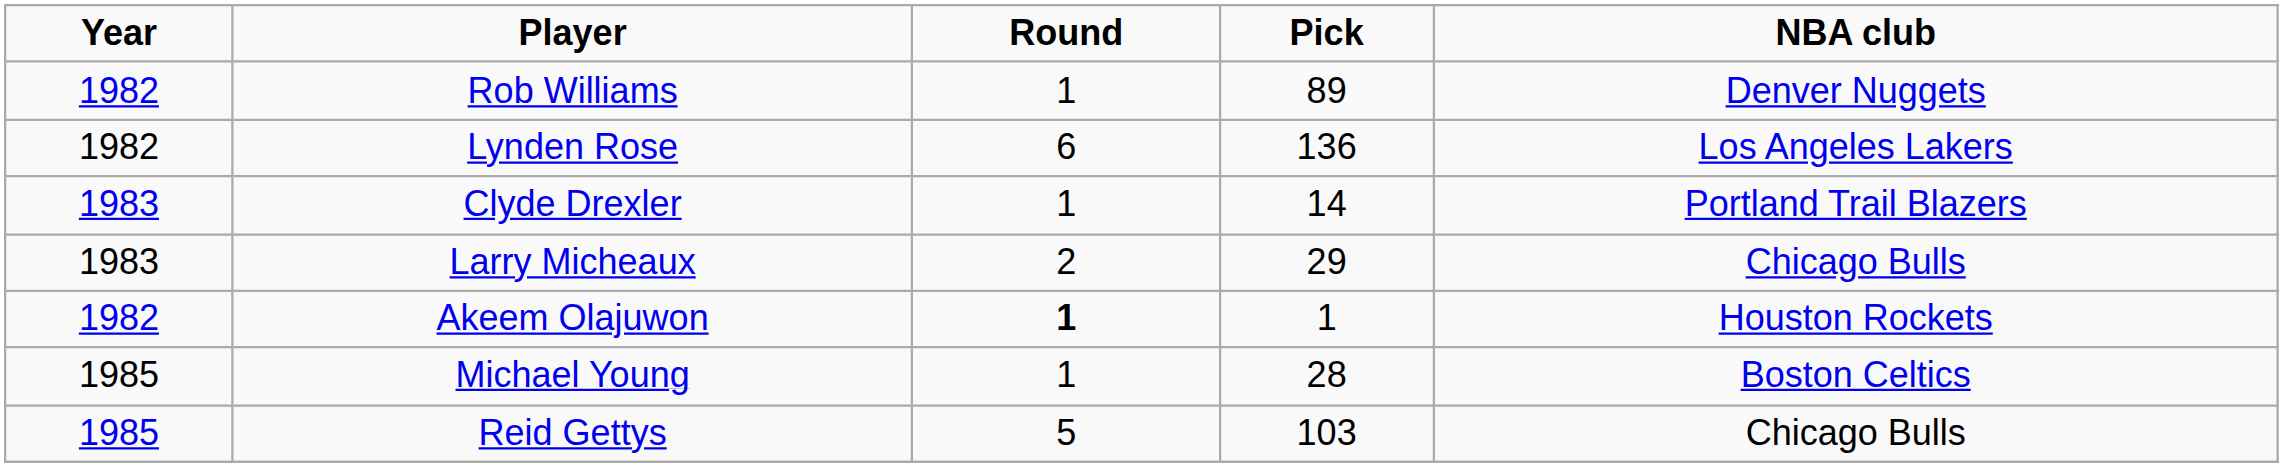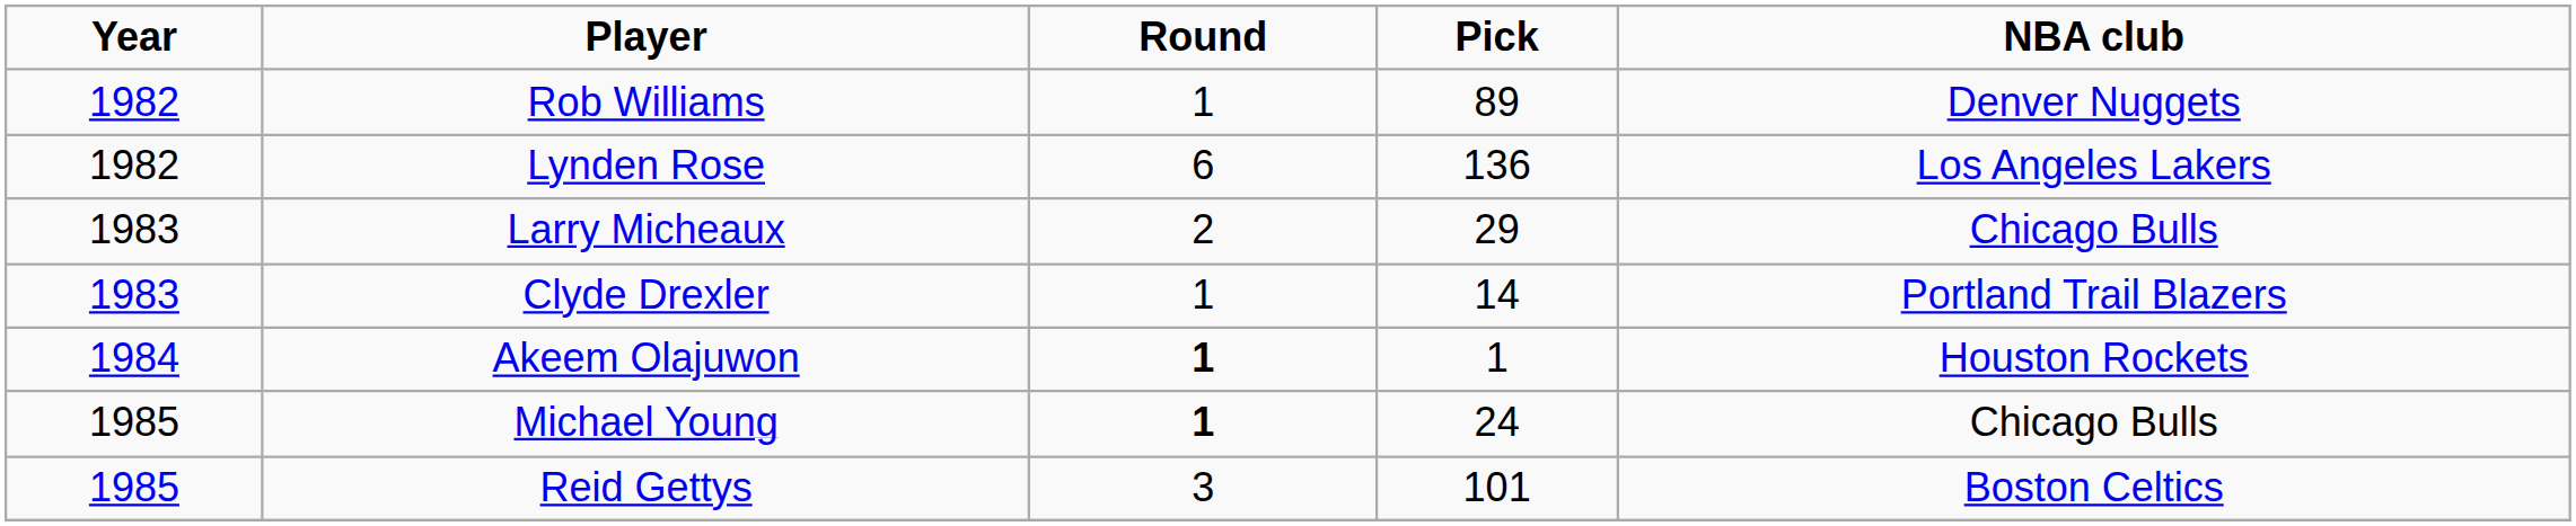 <table class="wikitable" width="80%">
 <tr align="center">
 <td><strong>Year</strong></td>
 <td><strong>Player</strong></td>
 <td><strong>Round</strong></td>
 <td><strong>Pick</strong></td>
 <td><strong>NBA club</strong></td>
 </tr>
 <tr align="center" bgcolor="">
 <td><a href='#'>1982</a></td>
 <td><a href='#'>Rob Williams</a></td>
 <td>1</td>
 <td>89</td>
 <td><a href='#'>Denver Nuggets</a></td>
 </tr>
 <tr align="center" bgcolor="">
 <td>1982</td>
 <td><a href='#'>Lynden Rose</a></td>
 <td>6</td>
 <td>136</td>
 <td><a href='#'>Los Angeles Lakers</a></td>
 </tr>
 <tr align="center" bgcolor="">
+<td>1983</td>
+<td><a href='#'>Larry Micheaux</a></td>
+<td>2</td>
+<td>29</td>
+<td><a href='#'>Chicago Bulls</a></td>
+</tr>
+<tr align="center" bgcolor="">
 <td><a href='#'>1983</a></td>
 <td><a href='#'>Clyde Drexler</a></td>
 <td>1</td>
 <td>14</td>
 <td><a href='#'>Portland Trail Blazers</a></td>
 </tr>
 <tr align="center" bgcolor="">
-<td>1983</td>
-<td><a href='#'>Larry Micheaux</a></td>
-<td>2</td>
-<td>29</td>
-<td><a href='#'>Chicago Bulls</a></td>
-</tr>
-<tr align="center" bgcolor="">
-<td><a href='#'>1982</a></td>
+<td><a href='#'>1984</a></td>
 <td><a href='#'>Akeem Olajuwon</a></td>
 <td><strong>1</strong></td>
 <td>1</td>
 <td><a href='#'>Houston Rockets</a></td>
 </tr>
 <tr align="center" bgcolor="">
 <td>1985</td>
 <td><a href='#'>Michael Young</a></td>
-<td>1</td>
-<td>28</td>
-<td><a href='#'>Boston Celtics</a></td>
+<td><strong>1</strong></td>
+<td>24</td>
+<td>Chicago Bulls</td>
 </tr>
 <tr align="center" bgcolor="">
 <td><a href='#'>1985</a></td>
 <td><a href='#'>Reid Gettys</a></td>
-<td>5</td>
-<td>103</td>
-<td>Chicago Bulls</td>
+<td>3</td>
+<td>101</td>
+<td><a href='#'>Boston Celtics</a></td>
 </tr>
 <tr align="center" bgcolor="">
 </tr>
 </table>
